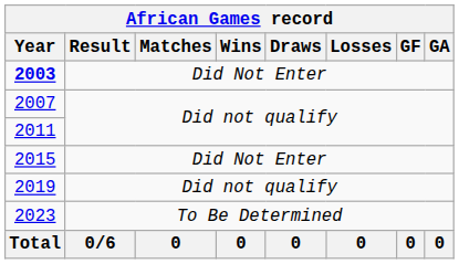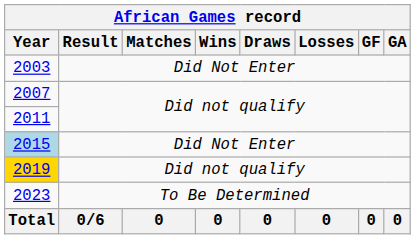 <table class="wikitable" style="text-align: center;">
 <tr>
 <th colspan=10><a href='#'>African Games</a> record</th>
 </tr>
 <tr>
 <th>Year</th>
 <th>Result</th>
 <th>Matches</th>
 <th>Wins</th>
 <th>Draws</th>
 <th>Losses</th>
 <th>GF</th>
 <th>GA</th>
 </tr>
 <tr>
-<td><strong> <a href='#'>2003</a></strong></td>
+<td> <a href='#'>2003</a></td>
 <td colspan=8><em>Did Not Enter</em></td>
 </tr>
 <tr>
 <td> <a href='#'>2007</a></td>
 <td rowspan=2 colspan=8><em>Did not qualify</em></td>
 </tr>
 <tr>
 <td> <a href='#'>2011</a></td>
 </tr>
 <tr>
-<td> <a href='#'>2015</a></td>
+<td style="background: lightblue;"> <a href='#'>2015</a></td>
 <td colspan=8><em>Did Not Enter</em></td>
 </tr>
 <tr>
-<td> <a href='#'>2019</a></td>
+<td style="background: gold;"> <a href='#'>2019</a></td>
 <td colspan=8><em>Did not qualify</em></td>
 </tr>
 <tr>
 <td> <a href='#'>2023</a></td>
 <td colspan=8><em>To Be Determined</em></td>
 </tr>
 <tr>
 <th>Total</th>
 <th>0/6</th>
 <th>0</th>
 <th>0</th>
 <th>0</th>
 <th>0</th>
 <th>0</th>
 <th>0</th>
 </tr>
 </table>
